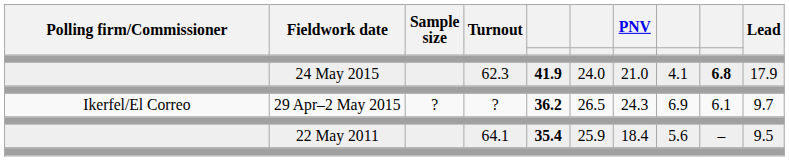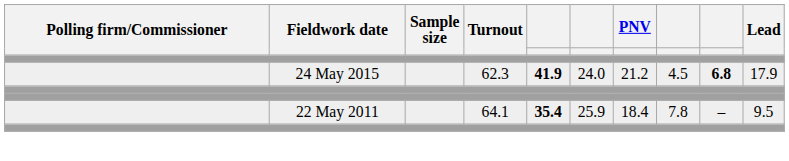 <table class="wikitable collapsible collapsed" style="text-align:center; font-size:95%; line-height:16px;">
 <tr style="height:42px;">
 <th style="width:250px;" rowspan="2">Polling firm/Commissioner</th>
 <th style="width:125px;" rowspan="2">Fieldwork date</th>
 <th style="width:50px;" rowspan="2">Sample size</th>
 <th style="width:45px;" rowspan="2">Turnout</th>
 <th style="width:35px;"></th>
 <th style="width:35px;"></th>
 <th style="width:35px;"><a href='#'>PNV</a></th>
 <th style="width:35px;"></th>
 <th style="width:35px;"></th>
 <th style="width:30px;" rowspan="2">Lead</th>
 </tr>
 <tr>
 <th style="color:inherit;background:"></th>
 <th style="color:inherit;background:"></th>
 <th style="color:inherit;background:"></th>
 <th style="color:inherit;background:"></th>
 <th style="color:inherit;background:"></th>
 </tr>
 <tr>
 <td colspan="10" style="background:#A0A0A0"></td>
 </tr>
 <tr style="background:#EFEFEF;">
 <td><strong></strong></td>
 <td>24 May 2015</td>
 <td></td>
 <td>62.3</td>
 <td><strong>41.9</strong><br></td>
 <td>24.0<br></td>
-<td>21.0<br></td>
-<td>4.1<br></td>
+<td>21.2<br></td>
+<td>4.5<br></td>
 <td><strong>6.8<br></strong></td>
 <td style="background:">17.9</td>
 </tr>
 <tr>
 <td colspan="10" style="background:#A0A0A0"></td>
-</tr>
-<tr>
-<td>Ikerfel/El Correo</td>
-<td>29 Apr–2 May 2015</td>
-<td>?</td>
-<td>?</td>
-<td><strong>36.2</strong><br></td>
-<td>26.5<br></td>
-<td>24.3<br></td>
-<td>6.9<br></td>
-<td>6.1<br></td>
-<td style="background:">9.7</td>
 </tr>
 <tr>
 <td colspan="10" style="background:#A0A0A0"></td>
 </tr>
 <tr style="background:#EFEFEF;">
 <td><strong></strong></td>
 <td>22 May 2011</td>
 <td></td>
 <td>64.1</td>
 <td><strong>35.4</strong><br></td>
 <td>25.9<br></td>
 <td>18.4<br></td>
-<td>5.6<br></td>
+<td>7.8<br></td>
 <td>–</td>
 <td style="background:">9.5</td>
 </tr>
 <tr>
 <td colspan="10" style="background:#A0A0A0"></td>
 </tr>
 </table>
